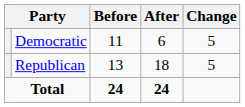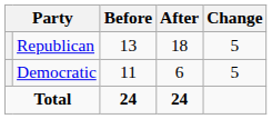 <table class="wikitable" style="text-align:center;">
 <tr>
 <th colspan="2">Party</th>
 <th>Before</th>
 <th>After</th>
 <th>Change</th>
 </tr>
 <tr>
 <th style="background-color:"></th>
-<td style="text-align:left;"><a href='#'>Democratic</a></td>
-<td>11</td>
-<td>6</td>
+<td style="text-align:left;"><a href='#'>Republican</a></td>
+<td>13</td>
+<td>18</td>
 <td> 5</td>
 </tr>
 <tr>
 <th style="background-color:"></th>
-<td style="text-align:left;"><a href='#'>Republican</a></td>
-<td>13</td>
-<td>18</td>
+<td style="text-align:left;"><a href='#'>Democratic</a></td>
+<td>11</td>
+<td>6</td>
 <td> 5</td>
 </tr>
 <tr>
 <td colspan="2"><strong>Total</strong></td>
 <td><strong>24</strong></td>
 <td><strong>24</strong></td>
 <td></td>
 </tr>
 </table>
